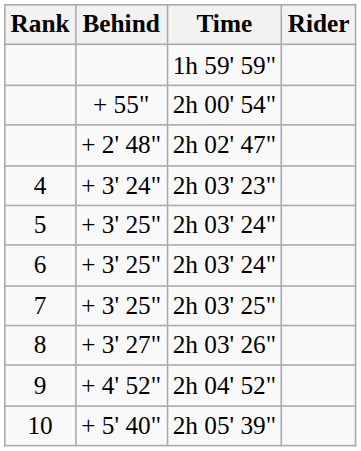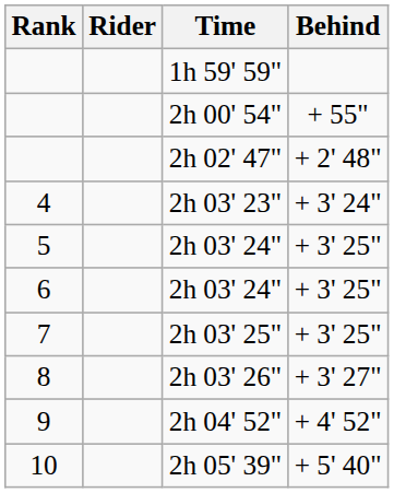 <table class=wikitable style="text-align:center;">
 <tr>
 <th>Rank</th>
+<th>Rider</th>
+<th>Time</th>
 <th>Behind</th>
-<th>Time</th>
-<th>Rider</th>
 </tr>
 <tr>
 <td></td>
+<td align=left></td>
+<td>1h 59' 59"</td>
 <td></td>
-<td>1h 59' 59"</td>
-<td align=left></td>
 </tr>
 <tr>
 <td></td>
+<td align=left></td>
+<td>2h 00' 54"</td>
 <td>+ 55"</td>
-<td>2h 00' 54"</td>
-<td align=left></td>
 </tr>
 <tr>
 <td></td>
+<td align=left></td>
+<td>2h 02' 47"</td>
 <td>+ 2' 48"</td>
-<td>2h 02' 47"</td>
-<td align=left></td>
 </tr>
 <tr>
 <td>4</td>
+<td align=left></td>
+<td>2h 03' 23"</td>
 <td>+ 3' 24"</td>
-<td>2h 03' 23"</td>
-<td align=left></td>
 </tr>
 <tr>
 <td>5</td>
+<td align=left></td>
+<td>2h 03' 24"</td>
 <td>+ 3' 25"</td>
-<td>2h 03' 24"</td>
-<td align=left></td>
 </tr>
 <tr>
 <td>6</td>
+<td align=left></td>
+<td>2h  03' 24"</td>
 <td>+ 3' 25"</td>
-<td>2h  03' 24"</td>
-<td align=left></td>
 </tr>
 <tr>
 <td>7</td>
+<td align=left></td>
+<td>2h 03' 25"</td>
 <td>+ 3' 25"</td>
-<td>2h 03' 25"</td>
-<td align=left></td>
 </tr>
 <tr>
 <td>8</td>
+<td align=left></td>
+<td>2h 03' 26"</td>
 <td>+ 3' 27"</td>
-<td>2h 03' 26"</td>
-<td align=left></td>
 </tr>
 <tr>
 <td>9</td>
+<td align=left></td>
+<td>2h 04' 52"</td>
 <td>+ 4' 52"</td>
-<td>2h 04' 52"</td>
-<td align=left></td>
 </tr>
 <tr>
 <td>10</td>
+<td align=left></td>
+<td>2h 05' 39"</td>
 <td>+ 5' 40"</td>
-<td>2h 05' 39"</td>
-<td align=left></td>
 </tr>
 </table>
